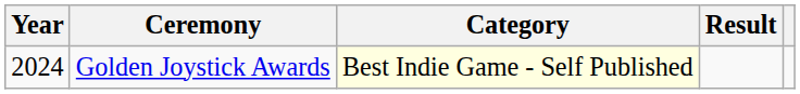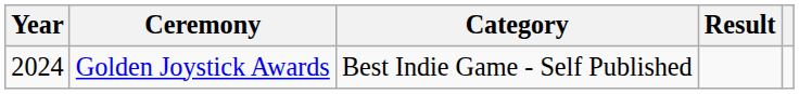 <table class="wikitable plainrowheaders sortable" width="auto">
 <tr>
 <th scope="col">Year</th>
 <th scope="col">Ceremony</th>
 <th scope="col">Category</th>
 <th scope="col">Result</th>
 <th scope="col" class="unsortable"></th>
 </tr>
 <tr>
 <td style="text-align:center;" rowspan="8">2024</td>
 <td rowspan="4"><a href='#'>Golden Joystick Awards</a></td>
-<td style="background: lightyellow;">Best Indie Game - Self Published</td>
+<td>Best Indie Game - Self Published</td>
 <td></td>
 <td style="text-align:center;" rowspan="5"></td>
 </tr>
 </table>
